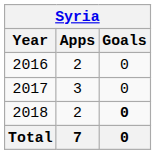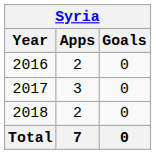 <table class="wikitable" style="text-align:center">
 <tr>
 <th colspan=3><a href='#'>Syria</a></th>
 </tr>
 <tr>
 <th>Year</th>
 <th>Apps</th>
 <th>Goals</th>
 </tr>
 <tr>
 <td>2016</td>
 <td>2</td>
 <td>0</td>
 </tr>
 <tr>
 <td>2017</td>
 <td>3</td>
 <td>0</td>
 </tr>
 <tr>
 <td>2018</td>
 <td>2</td>
-<td><strong>0</strong></td>
+<td>0</td>
 </tr>
 <tr>
 <th>Total</th>
 <th>7</th>
 <th>0</th>
 </tr>
 </table>
